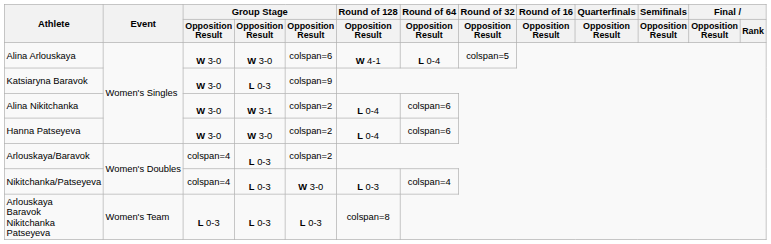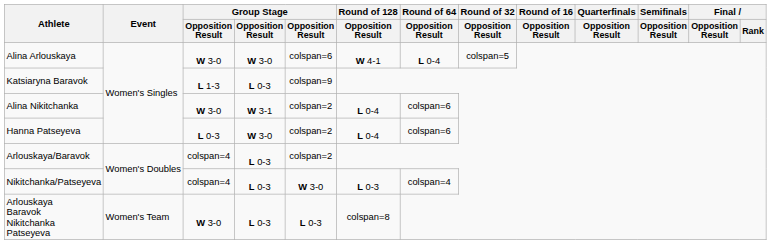 <table class="wikitable" style="font-size:90%">
 <tr>
 <th rowspan=2>Athlete</th>
 <th rowspan=2>Event</th>
 <th colspan=3>Group Stage</th>
 <th>Round of 128</th>
 <th>Round of 64</th>
 <th>Round of 32</th>
 <th>Round of 16</th>
 <th>Quarterfinals</th>
 <th>Semifinals</th>
 <th colspan=2>Final / </th>
 </tr>
 <tr style="font-size:95%">
 <th>Opposition<br>Result</th>
 <th>Opposition<br>Result</th>
 <th>Opposition<br>Result</th>
 <th>Opposition<br>Result</th>
 <th>Opposition<br>Result</th>
 <th>Opposition<br>Result</th>
 <th>Opposition<br>Result</th>
 <th>Opposition<br>Result</th>
 <th>Opposition<br>Result</th>
 <th>Opposition<br>Result</th>
 <th>Rank</th>
 </tr>
 <tr align=center>
 <td align=left>Alina Arlouskaya</td>
 <td align=left rowspan=4>Women's Singles</td>
 <td><br><strong>W</strong> 3-0</td>
 <td><br><strong>W</strong> 3-0</td>
 <td>colspan=6</td>
 <td><br><strong>W</strong> 4-1</td>
 <td><br><strong>L</strong> 0-4</td>
 <td>colspan=5</td>
 </tr>
 <tr align=center>
 <td align=left>Katsiaryna Baravok</td>
-<td><br><strong>W</strong> 3-0</td>
+<td><br><strong>L</strong> 1-3</td>
 <td><br><strong>L</strong> 0-3</td>
 <td>colspan=9 </td>
 </tr>
 <tr align=center>
 <td align=left>Alina Nikitchanka</td>
 <td><br><strong>W</strong> 3-0</td>
 <td><br><strong>W</strong> 3-1</td>
 <td>colspan=2 </td>
 <td><br><strong>L</strong> 0-4</td>
 <td>colspan=6</td>
 </tr>
 <tr align=center>
 <td align=left>Hanna Patseyeva</td>
-<td><br><strong>W</strong> 3-0</td>
+<td><br><strong>L</strong> 0-3</td>
 <td><br><strong>W</strong> 3-0</td>
 <td>colspan=2 </td>
 <td><br><strong>L</strong> 0-4</td>
 <td>colspan=6</td>
 </tr>
 <tr align=center>
 <td align=left>Arlouskaya/Baravok</td>
 <td align=left rowspan=2>Women's Doubles</td>
 <td>colspan=4 </td>
 <td><br><strong>L</strong> 0-3</td>
 <td>colspan=2 </td>
 </tr>
 <tr align=center>
 <td align=left>Nikitchanka/Patseyeva</td>
 <td>colspan=4 </td>
 <td><br><strong>L</strong> 0-3</td>
 <td><br><strong>W</strong> 3-0</td>
 <td><br><strong>L</strong> 0-3</td>
 <td>colspan=4</td>
 </tr>
 <tr align=center>
 <td align=left>Arlouskaya<br>Baravok<br>Nikitchanka<br>Patseyeva</td>
 <td align=left>Women's Team</td>
-<td><br><strong>L</strong> 0-3</td>
+<td><br><strong>W</strong> 3-0</td>
 <td><br><strong>L</strong> 0-3</td>
 <td><br><strong>L</strong> 0-3</td>
 <td>colspan=8</td>
 </tr>
 </table>
